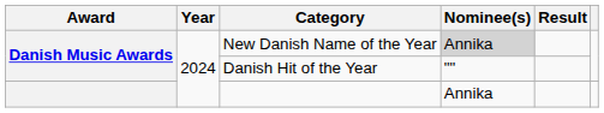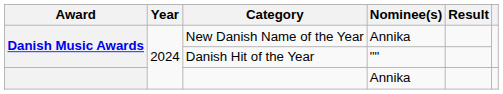 <table class="wikitable sortable plainrowheaders">
 <tr>
 <th scope="col">Award</th>
 <th scope="col">Year</th>
 <th scope="col">Category</th>
 <th scope="col">Nominee(s)</th>
 <th scope="col">Result</th>
 <th scope="col" class="unsortable"></th>
 </tr>
 <tr>
 <th scope="row" rowspan="2"><a href='#'>Danish Music Awards</a></th>
 <td rowspan="3">2024</td>
 <td>New Danish Name of the Year</td>
-<td style="background: lightgrey;">Annika</td>
+<td>Annika</td>
 <td></td>
 <td align="center" rowspan="2"></td>
 </tr>
 <tr>
 <td>Danish Hit of the Year</td>
 <td>""</td>
 <td></td>
 </tr>
 <tr>
 <th scope="row"></th>
 <td></td>
 <td>Annika</td>
 <td></td>
 <td align="center"></td>
 </tr>
 </table>
